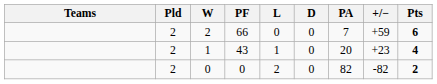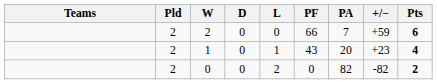 <table class="wikitable" style="text-align: center;">
 <tr>
 <th width="200">Teams</th>
 <th width="40">Pld</th>
 <th width="40">W</th>
+<th width="40">D</th>
+<th width="40">L</th>
 <th width="40">PF</th>
-<th width="40">L</th>
-<th width="40">D</th>
 <th width="40">PA</th>
 <th width="40">+/−</th>
 <th width="40">Pts</th>
 </tr>
 <tr>
 <td align=left></td>
 <td>2</td>
 <td>2</td>
-<td>66</td>
 <td>0</td>
 <td>0</td>
+<td>66</td>
 <td>7</td>
 <td>+59</td>
 <td><strong>6</strong></td>
 </tr>
 <tr>
 <td align=left></td>
 <td>2</td>
 <td>1</td>
+<td>0</td>
+<td>1</td>
 <td>43</td>
-<td>1</td>
-<td>0</td>
 <td>20</td>
 <td>+23</td>
 <td><strong>4</strong></td>
 </tr>
 <tr>
 <td align=left></td>
 <td>2</td>
 <td>0</td>
 <td>0</td>
 <td>2</td>
 <td>0</td>
 <td>82</td>
 <td>-82</td>
 <td><strong>2</strong></td>
 </tr>
 </table>
